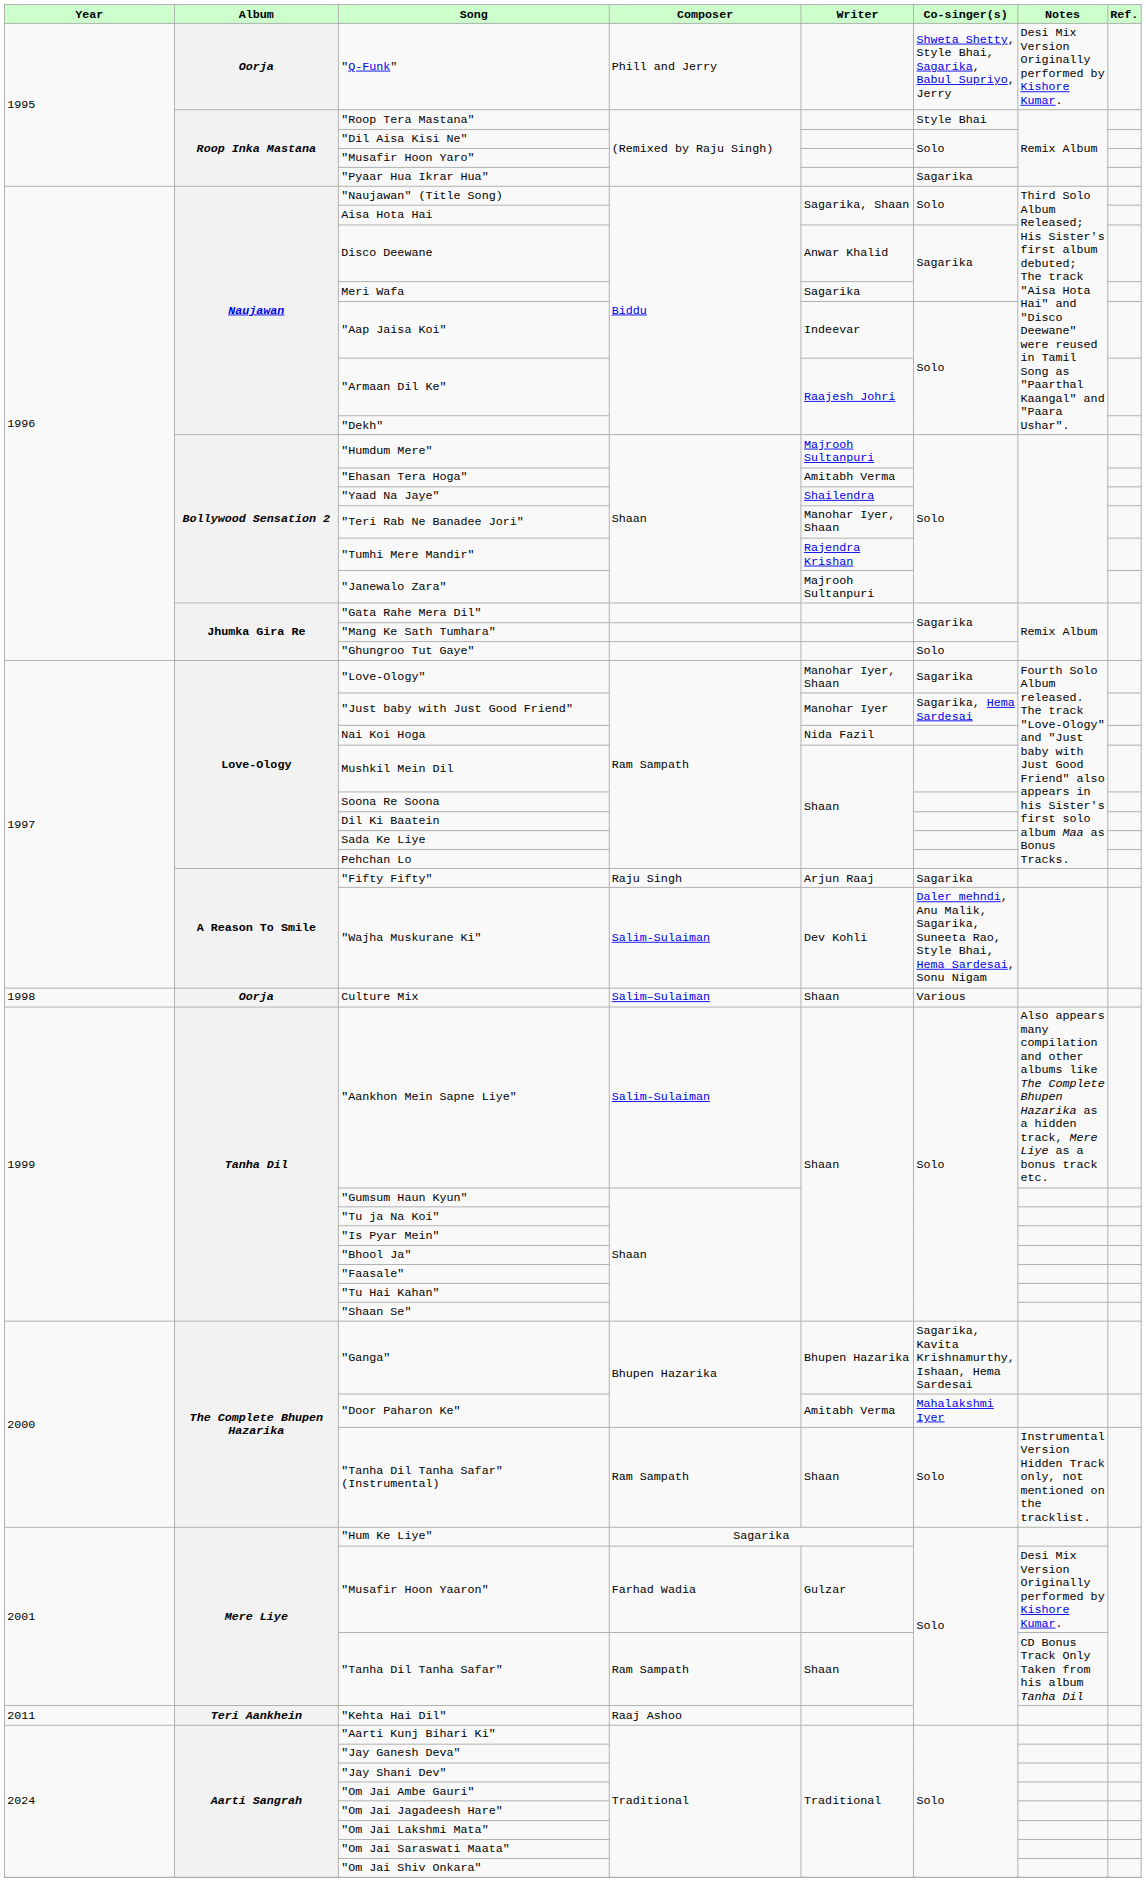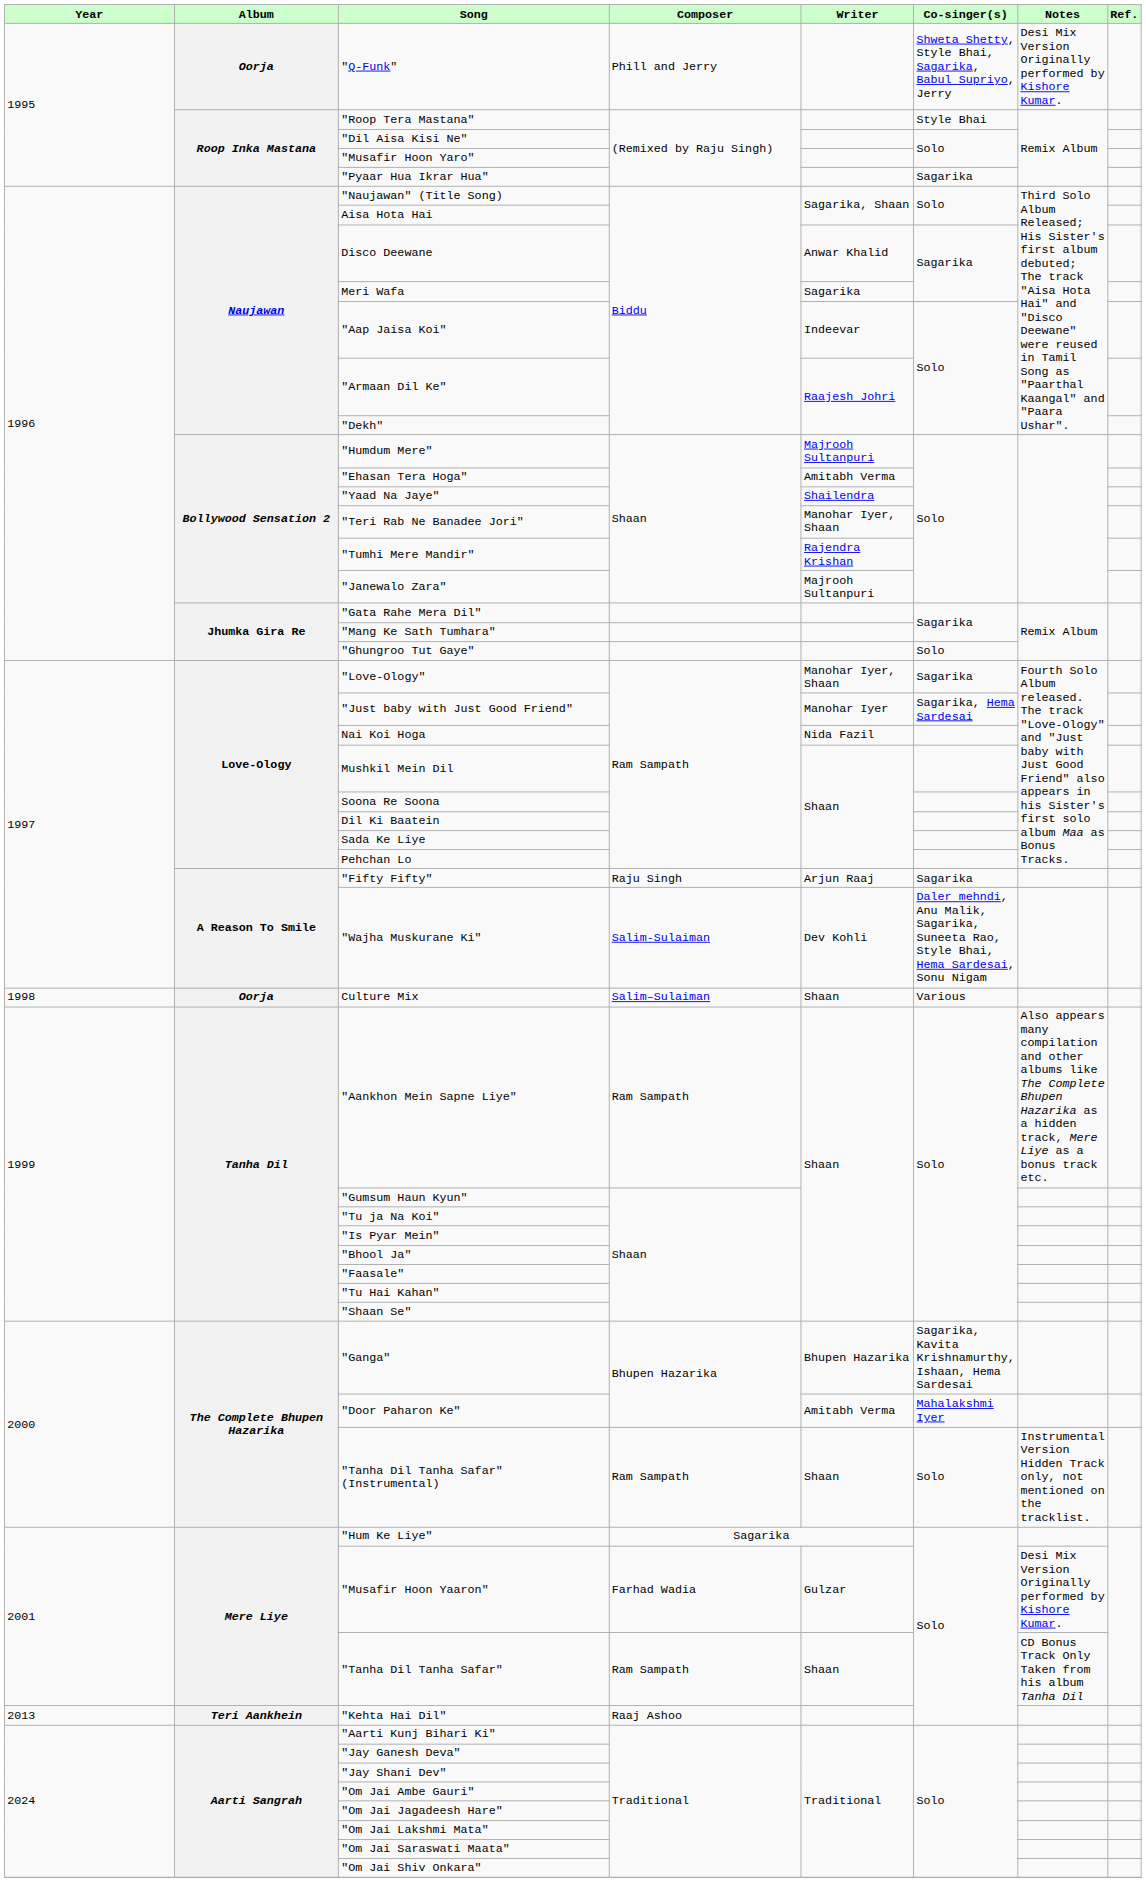 <table class="wikitable plainrowheaders" style="width:100%;" textcolor:#000;">
 <tr style="background:#cfc; text-align:center;">
 <td scope="col" style="width:20%;"><strong>Year</strong></td>
 <td scope="col" style="width:18%;"><strong>Album</strong></td>
 <td scope="col" style="width:30%;"><strong>Song</strong></td>
 <td scope="col" style="width:21%;"><strong>Composer</strong></td>
 <td scope="col" style="width:21%;"><strong>Writer</strong></td>
 <td scope="col" style="width:21%;"><strong>Co-singer(s)</strong></td>
 <td scope="col" style="width:30%;"><strong>Notes</strong></td>
 <td style="width:20%;"><strong>Ref.</strong></td>
 </tr>
 <tr>
 <td rowspan="5">1995</td>
 <th><em>Oorja</em></th>
 <td>"<a href='#'>Q-Funk</a>"</td>
 <td>Phill and Jerry</td>
 <td></td>
 <td><a href='#'>Shweta Shetty</a>, Style Bhai, <a href='#'>Sagarika</a>, <a href='#'>Babul Supriyo</a>, Jerry</td>
 <td>Desi Mix Version <br> Originally performed by <a href='#'>Kishore Kumar</a>.</td>
 <td> </td>
 </tr>
 <tr>
 <th rowspan="4"><em>Roop</em> <em>Inka</em> <em>Mastana</em></th>
 <td>"Roop Tera Mastana"</td>
 <td rowspan="4">(Remixed by Raju Singh)</td>
 <td></td>
 <td>Style Bhai</td>
 <td rowspan="4">Remix Album</td>
 <td></td>
 </tr>
 <tr>
 <td>"Dil Aisa Kisi Ne"</td>
 <td></td>
 <td rowspan="2">Solo</td>
 <td></td>
 </tr>
 <tr>
 <td>"Musafir Hoon Yaro"</td>
 <td></td>
 <td></td>
 </tr>
 <tr>
 <td>"Pyaar Hua Ikrar Hua"</td>
 <td></td>
 <td>Sagarika</td>
 <td></td>
 </tr>
 <tr>
 <td rowspan="16">1996</td>
 <th rowspan="7"><em><a href='#'>Naujawan</a></em></th>
 <td>"Naujawan" (Title Song)</td>
 <td rowspan="7"><a href='#'>Biddu</a></td>
 <td rowspan="2">Sagarika, Shaan</td>
 <td rowspan="2">Solo</td>
 <td rowspan="7">Third Solo Album Released; <br> His Sister's first album debuted; <br> The track "Aisa Hota Hai" and "Disco Deewane" were reused in Tamil Song as "Paarthal Kaangal" and "Paara Ushar".</td>
 <td></td>
 </tr>
 <tr>
 <td>Aisa Hota Hai</td>
 <td></td>
 </tr>
 <tr>
 <td>Disco Deewane</td>
 <td>Anwar Khalid</td>
 <td rowspan="2">Sagarika</td>
 <td><br></td>
 </tr>
 <tr>
 <td>Meri Wafa</td>
 <td>Sagarika</td>
 <td></td>
 </tr>
 <tr>
 <td>"Aap Jaisa Koi"</td>
 <td>Indeevar</td>
 <td rowspan="3">Solo</td>
 <td></td>
 </tr>
 <tr>
 <td>"Armaan Dil Ke"</td>
 <td rowspan="2"><a href='#'>Raajesh Johri</a></td>
 <td></td>
 </tr>
 <tr>
 <td>"Dekh"</td>
 <td></td>
 </tr>
 <tr>
 <th rowspan="6"><em>Bollywood Sensation 2</em><small></small></th>
 <td>"Humdum Mere"</td>
 <td rowspan="6">Shaan</td>
 <td><a href='#'>Majrooh Sultanpuri</a></td>
 <td rowspan="6">Solo</td>
 <td rowspan="6"></td>
 <td></td>
 </tr>
 <tr>
 <td>"Ehasan Tera Hoga"</td>
 <td>Amitabh Verma</td>
 <td></td>
 </tr>
 <tr>
 <td>"Yaad Na Jaye"</td>
 <td><a href='#'>Shailendra</a></td>
 <td></td>
 </tr>
 <tr>
 <td>"Teri Rab Ne Banadee Jori"</td>
 <td>Manohar Iyer, Shaan</td>
 <td></td>
 </tr>
 <tr>
 <td>"Tumhi Mere Mandir"</td>
 <td><a href='#'>Rajendra Krishan</a></td>
 <td></td>
 </tr>
 <tr>
 <td>"Janewalo Zara"</td>
 <td>Majrooh Sultanpuri</td>
 <td></td>
 </tr>
 <tr>
 <th rowspan="3">Jhumka Gira Re</th>
 <td>"Gata Rahe Mera Dil"</td>
 <td></td>
 <td></td>
 <td rowspan="2">Sagarika</td>
 <td rowspan="3">Remix Album</td>
 <td rowspan="3"></td>
 </tr>
 <tr>
 <td>"Mang Ke Sath Tumhara"</td>
 <td></td>
 <td></td>
 </tr>
 <tr>
 <td>"Ghungroo Tut Gaye"</td>
 <td></td>
 <td></td>
 <td>Solo</td>
 </tr>
 <tr>
 <td rowspan="10">1997</td>
 <th rowspan="8">Love-Ology</th>
 <td>"Love-Ology"</td>
 <td rowspan="8">Ram Sampath</td>
 <td>Manohar Iyer, Shaan</td>
 <td>Sagarika</td>
 <td rowspan="8">Fourth Solo Album released. The track "Love-Ology" and "Just baby with Just Good Friend" also appears in his Sister's first solo album <em>Maa</em> as Bonus Tracks.</td>
 <td></td>
 </tr>
 <tr>
 <td>"Just baby with Just Good Friend"</td>
 <td>Manohar Iyer</td>
 <td>Sagarika, <a href='#'>Hema Sardesai</a></td>
 <td></td>
 </tr>
 <tr>
 <td>Nai Koi Hoga</td>
 <td>Nida Fazil</td>
 <td></td>
 <td></td>
 </tr>
 <tr>
 <td>Mushkil Mein Dil</td>
 <td rowspan="5">Shaan</td>
 <td></td>
 <td></td>
 </tr>
 <tr>
 <td>Soona Re Soona</td>
 <td></td>
 <td></td>
 </tr>
 <tr>
 <td>Dil Ki Baatein</td>
 <td></td>
 <td></td>
 </tr>
 <tr>
 <td>Sada Ke Liye</td>
 <td></td>
 <td></td>
 </tr>
 <tr>
 <td>Pehchan Lo</td>
 <td></td>
 <td></td>
 </tr>
 <tr>
 <th rowspan="2">A Reason To Smile</th>
 <td>"Fifty Fifty"</td>
 <td>Raju Singh</td>
 <td>Arjun Raaj</td>
 <td>Sagarika</td>
 <td></td>
 <td></td>
 </tr>
 <tr>
 <td>"Wajha Muskurane Ki"</td>
 <td><a href='#'>Salim-Sulaiman</a></td>
 <td>Dev Kohli</td>
 <td><a href='#'>Daler mehndi</a>, Anu Malik, Sagarika, Suneeta Rao, Style Bhai, <a href='#'>Hema Sardesai</a>, Sonu Nigam</td>
 <td></td>
 <td></td>
 </tr>
 <tr>
 <td>1998</td>
 <th><em>Oorja</em></th>
 <td>Culture Mix</td>
 <td><a href='#'>Salim–Sulaiman</a></td>
 <td>Shaan</td>
 <td>Various</td>
 <td></td>
 <td></td>
 </tr>
 <tr>
 <td rowspan="8">1999</td>
 <th rowspan="8"><em>Tanha Dil</em></th>
 <td>"Aankhon Mein Sapne Liye"</td>
-<td><a href='#'>Salim-Sulaiman</a></td>
+<td>Ram Sampath</td>
 <td rowspan="8">Shaan</td>
 <td rowspan="8">Solo</td>
 <td>Also appears many compilation and other albums like <em>The Complete Bhupen Hazarika</em> as a hidden track, <em>Mere Liye</em> as a bonus track etc.</td>
 <td></td>
 </tr>
 <tr>
 <td>"Gumsum Haun Kyun"</td>
 <td rowspan="7">Shaan</td>
 <td></td>
 <td></td>
 </tr>
 <tr>
 <td>"Tu ja Na Koi"</td>
 <td></td>
 <td></td>
 </tr>
 <tr>
 <td>"Is Pyar Mein"</td>
 <td></td>
 <td></td>
 </tr>
 <tr>
 <td>"Bhool Ja"</td>
 <td></td>
 <td></td>
 </tr>
 <tr>
 <td>"Faasale"</td>
 <td></td>
 <td></td>
 </tr>
 <tr>
 <td>"Tu Hai Kahan"</td>
 <td></td>
 <td></td>
 </tr>
 <tr>
 <td>"Shaan Se"</td>
 <td></td>
 <td></td>
 </tr>
 <tr>
 <td rowspan="3">2000</td>
 <th rowspan="3"><em>The Complete Bhupen Hazarika</em></th>
 <td>"Ganga"</td>
 <td rowspan="2">Bhupen Hazarika</td>
 <td>Bhupen Hazarika</td>
 <td>Sagarika, Kavita Krishnamurthy, Ishaan, Hema Sardesai</td>
 <td></td>
 <td></td>
 </tr>
 <tr>
 <td>"Door Paharon Ke"</td>
 <td>Amitabh Verma</td>
 <td><a href='#'>Mahalakshmi Iyer</a></td>
 <td></td>
 <td></td>
 </tr>
 <tr>
 <td>"Tanha Dil Tanha Safar" (Instrumental)</td>
 <td>Ram Sampath</td>
 <td>Shaan</td>
 <td>Solo</td>
 <td>Instrumental Version <br> Hidden Track only, not mentioned on the tracklist.</td>
 <td></td>
 </tr>
 <tr>
 <td rowspan="3">2001</td>
 <th rowspan="3'"><em>Mere Liye</em></th>
 <td>"Hum Ke Liye"</td>
 <td colspan="2" style="text-align:center;">Sagarika</td>
 <td rowspan="4">Solo</td>
 <td></td>
 <td rowspan="3"></td>
 </tr>
 <tr>
 <td>"Musafir Hoon Yaaron"</td>
 <td>Farhad Wadia</td>
 <td>Gulzar</td>
 <td>Desi Mix Version <br> Originally performed by <a href='#'>Kishore Kumar</a>.</td>
 </tr>
 <tr>
 <td>"Tanha Dil Tanha Safar"</td>
 <td>Ram Sampath</td>
 <td>Shaan</td>
 <td>CD Bonus Track Only <br> Taken from his album <em>Tanha Dil</em></td>
 </tr>
 <tr>
-<td>2011</td>
+<td>2013</td>
 <th><em>Teri Aankhein</em></th>
 <td>"Kehta Hai Dil"</td>
 <td>Raaj Ashoo</td>
 <td></td>
 <td></td>
 <td></td>
 </tr>
 <tr>
 <td rowspan="8">2024</td>
 <th rowspan="8"><em>Aarti Sangrah</em></th>
 <td>"Aarti Kunj Bihari Ki"</td>
 <td rowspan="8">Traditional</td>
 <td rowspan="8">Traditional</td>
 <td rowspan="8">Solo</td>
 <td></td>
 <td></td>
 </tr>
 <tr>
 <td>"Jay Ganesh Deva"</td>
 <td></td>
 <td></td>
 </tr>
 <tr>
 <td>"Jay Shani Dev"</td>
 <td></td>
 <td></td>
 </tr>
 <tr>
 <td>"Om Jai Ambe Gauri"</td>
 <td></td>
 <td></td>
 </tr>
 <tr>
 <td>"Om Jai Jagadeesh Hare"</td>
 <td></td>
 <td></td>
 </tr>
 <tr>
 <td>"Om Jai Lakshmi Mata"</td>
 <td></td>
 <td></td>
 </tr>
 <tr>
 <td>"Om Jai Saraswati Maata"</td>
 <td></td>
 <td></td>
 </tr>
 <tr>
 <td>"Om Jai Shiv Onkara"</td>
 <td></td>
 <td></td>
 </tr>
 <tr>
 </tr>
 </table>
